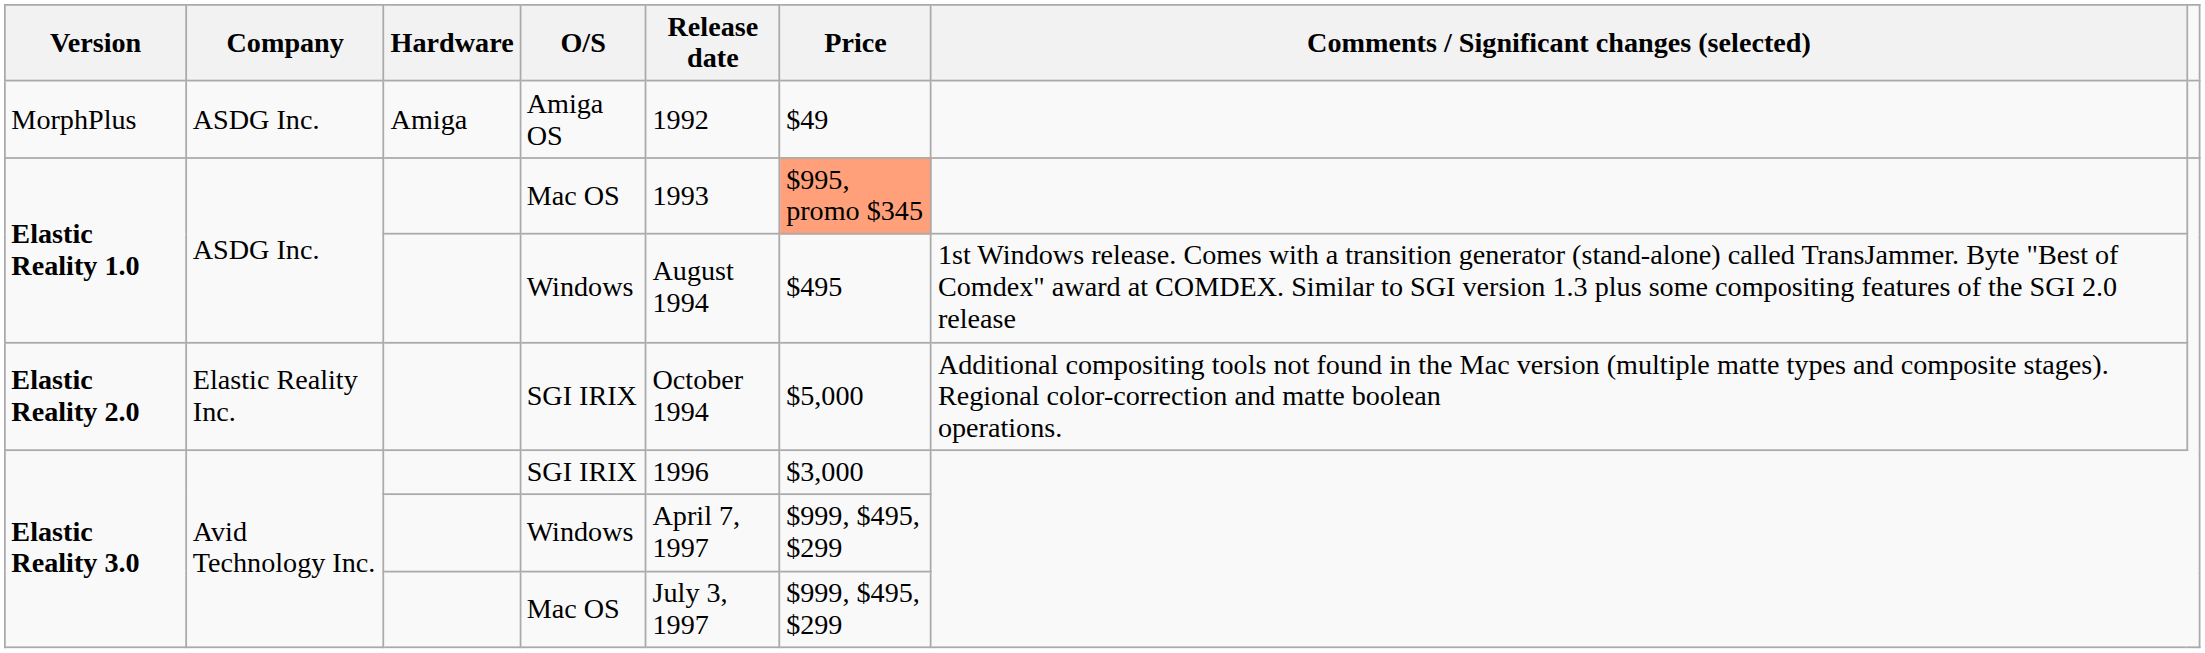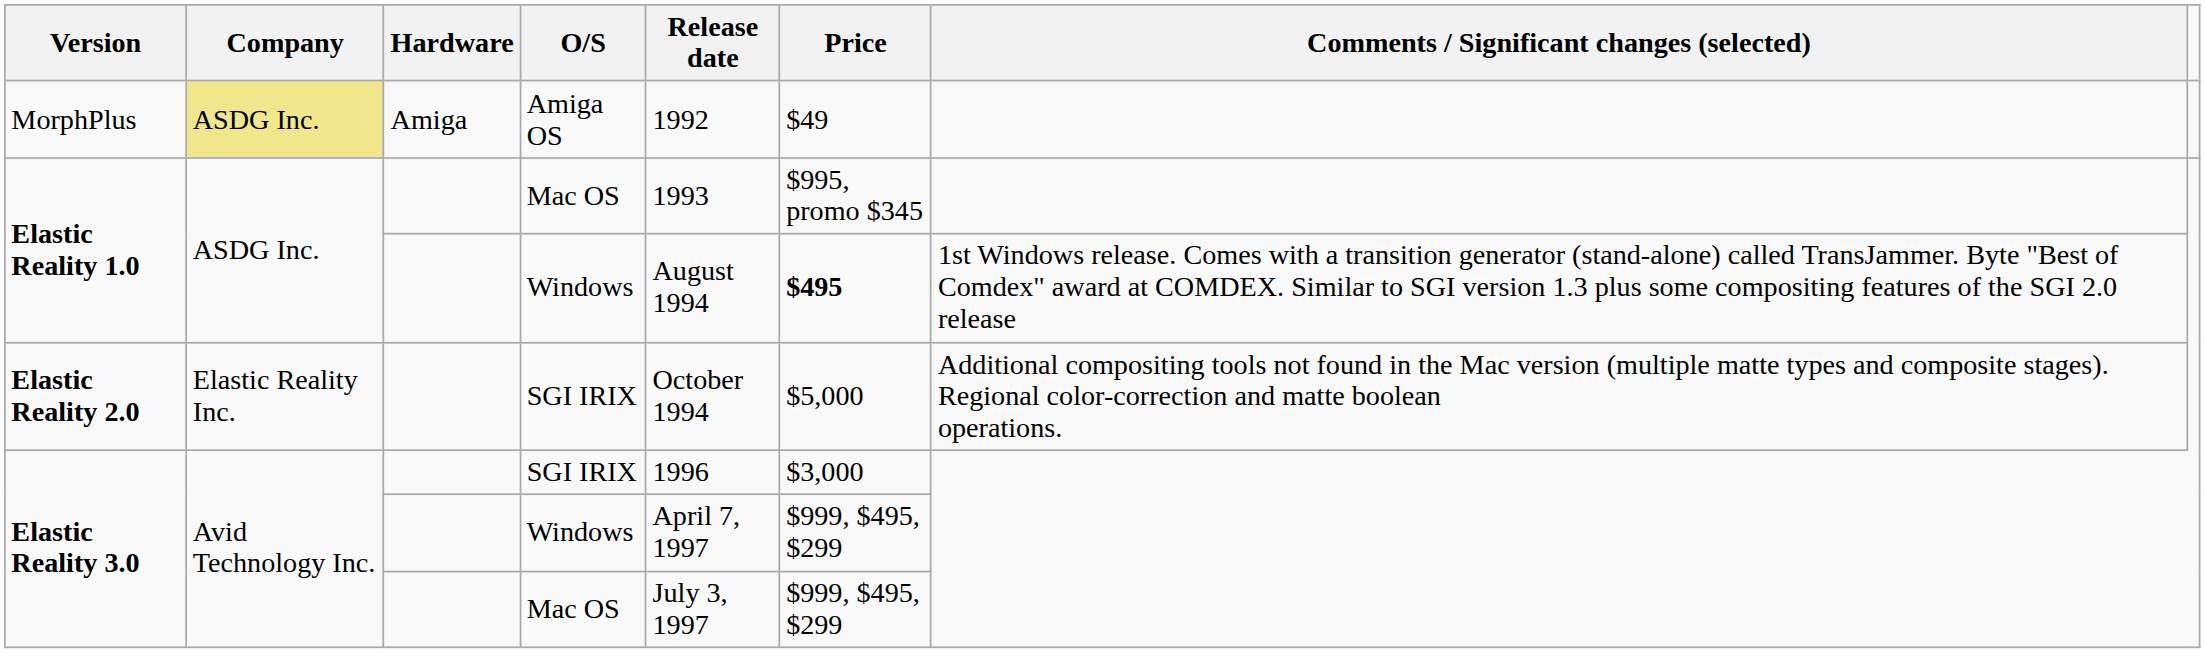 <table class="wikitable">
 <tr>
 <th>Version</th>
 <th>Company</th>
 <th>Hardware</th>
 <th>O/S</th>
 <th>Release date</th>
 <th>Price</th>
 <th>Comments / Significant changes (selected)</th>
 </tr>
 <tr>
 <td>MorphPlus</td>
-<td>ASDG Inc.</td>
+<td style="background: khaki;">ASDG Inc.</td>
 <td>Amiga</td>
 <td>Amiga OS</td>
 <td>1992</td>
 <td>$49</td>
 <td></td>
 <td></td>
 </tr>
 <tr>
 <td rowspan="2"><strong>Elastic Reality 1.0</strong></td>
 <td rowspan="2">ASDG Inc.</td>
 <td></td>
 <td>Mac OS</td>
 <td>1993</td>
-<td style="background: lightsalmon;">$995, promo $345</td>
+<td>$995, promo $345</td>
 <td></td>
 </tr>
 <tr>
 <td></td>
 <td>Windows</td>
 <td>August 1994</td>
-<td>$495</td>
+<td><strong>$495</strong></td>
 <td>1st Windows release. Comes with a transition generator (stand-alone) called TransJammer. Byte "Best of Comdex" award at COMDEX. Similar to SGI version 1.3 plus some compositing features of the SGI 2.0 release</td>
 </tr>
 <tr>
 <td><strong>Elastic Reality 2.0</strong></td>
 <td>Elastic Reality Inc.</td>
 <td></td>
 <td>SGI IRIX</td>
 <td>October 1994</td>
 <td>$5,000</td>
 <td>Additional compositing tools not found in the Mac version (multiple matte types and composite stages). Regional color-correction and matte boolean<br>operations.</td>
 </tr>
 <tr>
 <td rowspan="3"><strong>Elastic Reality 3.0</strong></td>
 <td rowspan="3">Avid Technology Inc.</td>
 <td></td>
 <td>SGI IRIX</td>
 <td>1996</td>
 <td>$3,000</td>
 </tr>
 <tr>
 <td></td>
 <td>Windows</td>
 <td>April 7, 1997</td>
 <td>$999, $495, $299</td>
 </tr>
 <tr>
 <td></td>
 <td>Mac OS</td>
 <td>July 3, 1997</td>
 <td>$999, $495, $299</td>
 </tr>
 </table>
